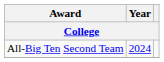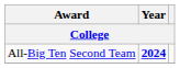 <table class="wikitable">
 <tr>
 <th>Award</th>
 <th>Year</th>
 <th></th>
 </tr>
 <tr>
 <th colspan="3"><a href='#'>College</a></th>
 </tr>
 <tr>
 <td>All-<a href='#'>Big Ten</a> <a href='#'>Second Team</a></td>
-<td><a href='#'>2024</a></td>
+<td><strong><a href='#'>2024</a></strong></td>
 <td></td>
 </tr>
 <tr>
 </tr>
 </table>
